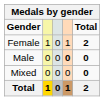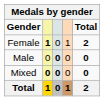 <table class=wikitable style=font-size:85%>
 <tr style="background:#efefef;">
 <th colspan=7><strong>Medals by gender</strong></th>
 </tr>
 <tr align=center>
 <td><strong>Gender</strong></td>
 <td bgcolor=#f7f6a8></td>
 <td bgcolor=#dce5e5></td>
 <td bgcolor=#ffdab9></td>
 <td><strong>Total</strong></td>
 </tr>
 <tr align=center>
 <td>Female</td>
-<td style="background:#F7F6A8;">1</td>
+<td style="background:#F7F6A8;"><strong>1</strong></td>
 <td style="background:#DCE5E5;">0</td>
 <td style="background:#FFDAB9;">1</td>
 <td><strong>2</strong></td>
 </tr>
 <tr align=center>
 <td>Male</td>
 <td style="background:#F7F6A8;">0</td>
-<td style="background:#DCE5E5;">0</td>
-<td style="background:#FFDAB9;"><strong>0</strong></td>
+<td style="background:#DCE5E5;"><strong>0</strong></td>
+<td style="background:#FFDAB9;">0</td>
 <td><strong>0</strong></td>
 </tr>
 <tr align=center>
 <td>Mixed</td>
-<td style="background:#F7F6A8;">0</td>
-<td style="background:#DCE5E5;">0</td>
+<td style="background:#F7F6A8;"><strong>0</strong></td>
+<td style="background:#DCE5E5;"><strong>0</strong></td>
 <td style="background:#FFDAB9;">0</td>
 <td><strong>0</strong></td>
 </tr>
 <tr align=center>
 <th><strong>Total</strong></th>
 <th style="background:gold;"><strong>1</strong></th>
 <th style="background:silver;"><strong>0</strong></th>
 <th style="background:#c96;"><strong>1</strong></th>
 <th><strong>2</strong></th>
 </tr>
 </table>
